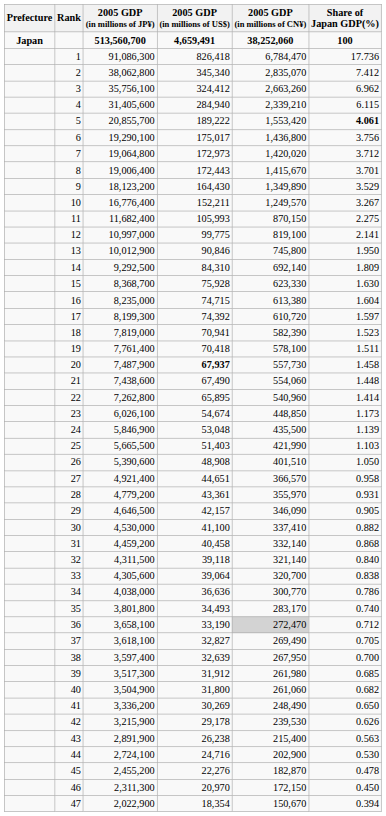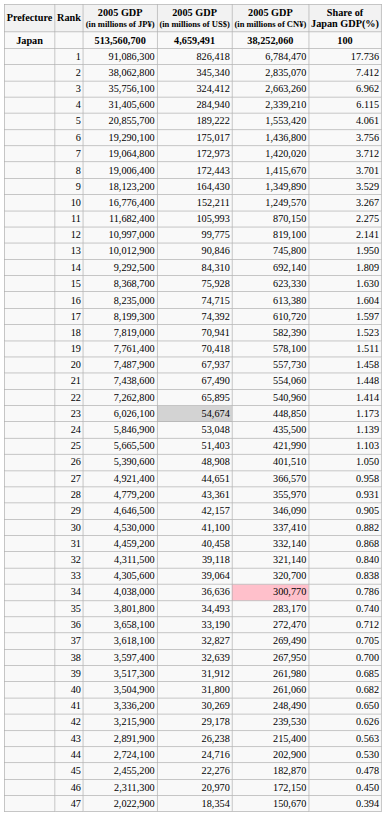 <table class="wikitable sortable">
 <tr align=center valign=middle>
 <th>Prefecture</th>
 <th>Rank</th>
 <th>2005 GDP <br><small> (in millions of JP¥) </small></th>
 <th>2005 GDP <br><small> (in millions of US$) </small></th>
 <th>2005 GDP <br><small> (in millions of CN¥) </small></th>
 <th>Share of <br><span>Japan GDP(%)</span></th>
 </tr>
 <tr align=center valign=middle>
 <td><strong>Japan</strong></td>
 <td></td>
 <td><strong>513,560,700</strong></td>
 <td><strong>4,659,491</strong></td>
 <td><strong>38,252,060</strong></td>
 <td><strong>100</strong></td>
 </tr>
 <tr align=right>
 <td align=left></td>
 <td>1</td>
 <td>91,086,300</td>
 <td>826,418</td>
 <td>6,784,470</td>
 <td>17.736</td>
 </tr>
 <tr align=right>
 <td align=left></td>
 <td>2</td>
 <td>38,062,800</td>
 <td>345,340</td>
 <td>2,835,070</td>
 <td>7.412</td>
 </tr>
 <tr align=right>
 <td align=left></td>
 <td>3</td>
 <td>35,756,100</td>
 <td>324,412</td>
 <td>2,663,260</td>
 <td>6.962</td>
 </tr>
 <tr align=right>
 <td align=left></td>
 <td>4</td>
 <td>31,405,600</td>
 <td>284,940</td>
 <td>2,339,210</td>
 <td>6.115</td>
 </tr>
 <tr align=right>
 <td align=left></td>
 <td>5</td>
 <td>20,855,700</td>
 <td>189,222</td>
 <td>1,553,420</td>
-<td><strong>4.061</strong></td>
+<td>4.061</td>
 </tr>
 <tr align=right>
 <td align=left></td>
 <td>6</td>
 <td>19,290,100</td>
 <td>175,017</td>
 <td>1,436,800</td>
 <td>3.756</td>
 </tr>
 <tr align=right>
 <td align=left></td>
 <td>7</td>
 <td>19,064,800</td>
 <td>172,973</td>
 <td>1,420,020</td>
 <td>3.712</td>
 </tr>
 <tr align=right>
 <td align=left></td>
 <td>8</td>
 <td>19,006,400</td>
 <td>172,443</td>
 <td>1,415,670</td>
 <td>3.701</td>
 </tr>
 <tr align=right>
 <td align=left></td>
 <td>9</td>
 <td>18,123,200</td>
 <td>164,430</td>
 <td>1,349,890</td>
 <td>3.529</td>
 </tr>
 <tr align=right>
 <td align=left></td>
 <td>10</td>
 <td>16,776,400</td>
 <td>152,211</td>
 <td>1,249,570</td>
 <td>3.267</td>
 </tr>
 <tr align=right>
 <td align=left></td>
 <td>11</td>
 <td>11,682,400</td>
 <td>105,993</td>
 <td>870,150</td>
 <td>2.275</td>
 </tr>
 <tr align=right>
 <td align=left></td>
 <td>12</td>
 <td>10,997,000</td>
 <td>99,775</td>
 <td>819,100</td>
 <td>2.141</td>
 </tr>
 <tr align=right>
 <td align=left></td>
 <td>13</td>
 <td>10,012,900</td>
 <td>90,846</td>
 <td>745,800</td>
 <td>1.950</td>
 </tr>
 <tr align=right>
 <td align=left></td>
 <td>14</td>
 <td>9,292,500</td>
 <td>84,310</td>
 <td>692,140</td>
 <td>1.809</td>
 </tr>
 <tr align=right>
 <td align=left></td>
 <td>15</td>
 <td>8,368,700</td>
 <td>75,928</td>
 <td>623,330</td>
 <td>1.630</td>
 </tr>
 <tr align=right>
 <td align=left></td>
 <td>16</td>
 <td>8,235,000</td>
 <td>74,715</td>
 <td>613,380</td>
 <td>1.604</td>
 </tr>
 <tr align=right>
 <td align=left></td>
 <td>17</td>
 <td>8,199,300</td>
 <td>74,392</td>
 <td>610,720</td>
 <td>1.597</td>
 </tr>
 <tr align=right>
 <td align=left></td>
 <td>18</td>
 <td>7,819,000</td>
 <td>70,941</td>
 <td>582,390</td>
 <td>1.523</td>
 </tr>
 <tr align=right>
 <td align=left></td>
 <td>19</td>
 <td>7,761,400</td>
 <td>70,418</td>
 <td>578,100</td>
 <td>1.511</td>
 </tr>
 <tr align=right>
 <td align=left></td>
 <td>20</td>
 <td>7,487,900</td>
-<td><strong>67,937</strong></td>
+<td>67,937</td>
 <td>557,730</td>
 <td>1.458</td>
 </tr>
 <tr align=right>
 <td align=left></td>
 <td>21</td>
 <td>7,438,600</td>
 <td>67,490</td>
 <td>554,060</td>
 <td>1.448</td>
 </tr>
 <tr align=right>
 <td align=left></td>
 <td>22</td>
 <td>7,262,800</td>
 <td>65,895</td>
 <td>540,960</td>
 <td>1.414</td>
 </tr>
 <tr align=right>
 <td align=left></td>
 <td>23</td>
 <td>6,026,100</td>
-<td>54,674</td>
+<td style="background: lightgrey;">54,674</td>
 <td>448,850</td>
 <td>1.173</td>
 </tr>
 <tr align=right>
 <td align=left></td>
 <td>24</td>
 <td>5,846,900</td>
 <td>53,048</td>
 <td>435,500</td>
 <td>1.139</td>
 </tr>
 <tr align=right>
 <td align=left></td>
 <td>25</td>
 <td>5,665,500</td>
 <td>51,403</td>
 <td>421,990</td>
 <td>1.103</td>
 </tr>
 <tr align=right>
 <td align=left></td>
 <td>26</td>
 <td>5,390,600</td>
 <td>48,908</td>
 <td>401,510</td>
 <td>1.050</td>
 </tr>
 <tr align=right>
 <td align=left></td>
 <td>27</td>
 <td>4,921,400</td>
 <td>44,651</td>
 <td>366,570</td>
 <td>0.958</td>
 </tr>
 <tr align=right>
 <td align=left></td>
 <td>28</td>
 <td>4,779,200</td>
 <td>43,361</td>
 <td>355,970</td>
 <td>0.931</td>
 </tr>
 <tr align=right>
 <td align=left></td>
 <td>29</td>
 <td>4,646,500</td>
 <td>42,157</td>
 <td>346,090</td>
 <td>0.905</td>
 </tr>
 <tr align=right>
 <td align=left></td>
 <td>30</td>
 <td>4,530,000</td>
 <td>41,100</td>
 <td>337,410</td>
 <td>0.882</td>
 </tr>
 <tr align=right>
 <td align=left></td>
 <td>31</td>
 <td>4,459,200</td>
 <td>40,458</td>
 <td>332,140</td>
 <td>0.868</td>
 </tr>
 <tr align=right>
 <td align=left></td>
 <td>32</td>
 <td>4,311,500</td>
 <td>39,118</td>
 <td>321,140</td>
 <td>0.840</td>
 </tr>
 <tr align=right>
 <td align=left></td>
 <td>33</td>
 <td>4,305,600</td>
 <td>39,064</td>
 <td>320,700</td>
 <td>0.838</td>
 </tr>
 <tr align=right>
 <td align=left></td>
 <td>34</td>
 <td>4,038,000</td>
 <td>36,636</td>
-<td>300,770</td>
+<td style="background: pink;">300,770</td>
 <td>0.786</td>
 </tr>
 <tr align=right>
 <td align=left></td>
 <td>35</td>
 <td>3,801,800</td>
 <td>34,493</td>
 <td>283,170</td>
 <td>0.740</td>
 </tr>
 <tr align=right>
 <td align=left></td>
 <td>36</td>
 <td>3,658,100</td>
 <td>33,190</td>
-<td style="background: lightgrey;">272,470</td>
+<td>272,470</td>
 <td>0.712</td>
 </tr>
 <tr align=right>
 <td align=left></td>
 <td>37</td>
 <td>3,618,100</td>
 <td>32,827</td>
 <td>269,490</td>
 <td>0.705</td>
 </tr>
 <tr align=right>
 <td align=left></td>
 <td>38</td>
 <td>3,597,400</td>
 <td>32,639</td>
 <td>267,950</td>
 <td>0.700</td>
 </tr>
 <tr align=right>
 <td align=left></td>
 <td>39</td>
 <td>3,517,300</td>
 <td>31,912</td>
 <td>261,980</td>
 <td>0.685</td>
 </tr>
 <tr align=right>
 <td align=left></td>
 <td>40</td>
 <td>3,504,900</td>
 <td>31,800</td>
 <td>261,060</td>
 <td>0.682</td>
 </tr>
 <tr align=right>
 <td align=left></td>
 <td>41</td>
 <td>3,336,200</td>
 <td>30,269</td>
 <td>248,490</td>
 <td>0.650</td>
 </tr>
 <tr align=right>
 <td align=left></td>
 <td>42</td>
 <td>3,215,900</td>
 <td>29,178</td>
 <td>239,530</td>
 <td>0.626</td>
 </tr>
 <tr align=right>
 <td align=left></td>
 <td>43</td>
 <td>2,891,900</td>
 <td>26,238</td>
 <td>215,400</td>
 <td>0.563</td>
 </tr>
 <tr align=right>
 <td align=left></td>
 <td>44</td>
 <td>2,724,100</td>
 <td>24,716</td>
 <td>202,900</td>
 <td>0.530</td>
 </tr>
 <tr align=right>
 <td align=left></td>
 <td>45</td>
 <td>2,455,200</td>
 <td>22,276</td>
 <td>182,870</td>
 <td>0.478</td>
 </tr>
 <tr align=right>
 <td align=left></td>
 <td>46</td>
 <td>2,311,300</td>
 <td>20,970</td>
 <td>172,150</td>
 <td>0.450</td>
 </tr>
 <tr align=right>
 <td align=left></td>
 <td>47</td>
 <td>2,022,900</td>
 <td>18,354</td>
 <td>150,670</td>
 <td>0.394</td>
 </tr>
 </table>
